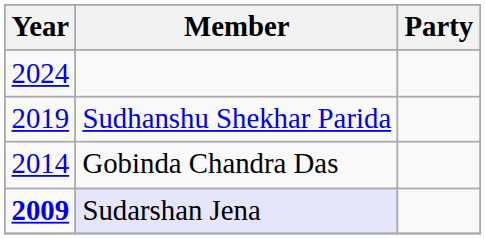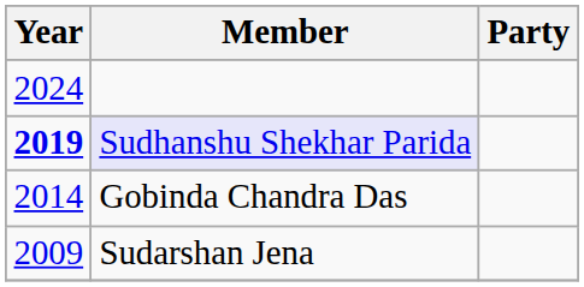 <table class="wikitable sortable">
 <tr>
 <th>Year</th>
 <th>Member</th>
 <th colspan=2>Party</th>
 </tr>
 <tr>
 <td><a href='#'>2024</a></td>
 <td></td>
 <td></td>
 </tr>
 <tr>
-<td><a href='#'>2019</a></td>
-<td><a href='#'>Sudhanshu Shekhar Parida</a></td>
+<td><strong><a href='#'>2019</a></strong></td>
+<td style="background: lavender;"><a href='#'>Sudhanshu Shekhar Parida</a></td>
 <td></td>
 </tr>
 <tr>
 <td><a href='#'>2014</a></td>
 <td>Gobinda Chandra Das</td>
 <td></td>
 </tr>
 <tr>
-<td><strong><a href='#'>2009</a></strong></td>
-<td style="background: lavender;">Sudarshan Jena</td>
+<td><a href='#'>2009</a></td>
+<td>Sudarshan Jena</td>
 <td></td>
 </tr>
 <tr>
 </tr>
 </table>
